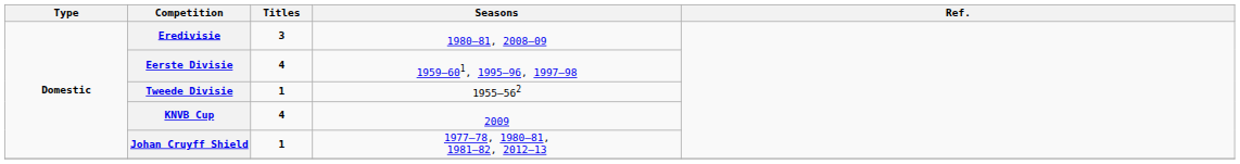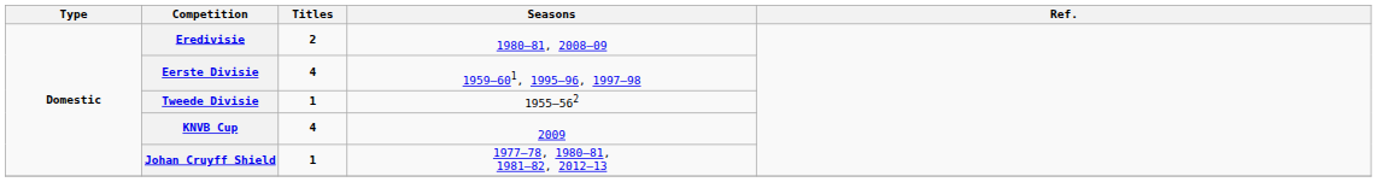 <table class="wikitable plainrowheaders" style="font-size:95%; text-align:center;">
 <tr>
 <th style="width: 10%;">Type</th>
 <th style="width: 10%;">Competition</th>
 <th style="width: 5%;">Titles</th>
 <th style="width: 30%;">Seasons</th>
 <th>Ref.</th>
 </tr>
 <tr>
 <td rowspan="5"><strong>Domestic</strong></td>
 <th scope=col><a href='#'>Eredivisie</a></th>
-<td><strong>3</strong></td>
+<td><strong>2</strong></td>
 <td><br><a href='#'>1980–81</a>,  <a href='#'>2008–09</a></td>
 <td rowspan="5"></td>
 </tr>
 <tr>
 <th scope=col><strong><a href='#'>Eerste Divisie</a></strong></th>
 <td><strong>4</strong></td>
 <td><br><a href='#'>1959–60</a><sup>1</sup>,  <a href='#'>1995–96</a>,  <a href='#'>1997–98</a></td>
 </tr>
 <tr>
 <th scope=col><a href='#'>Tweede Divisie</a></th>
 <td><strong>1</strong></td>
 <td>1955–56<sup>2</sup></td>
 </tr>
 <tr>
 <th scope=col><strong><a href='#'>KNVB Cup</a></strong></th>
 <td><strong>4</strong></td>
 <td><br><a href='#'>2009</a></td>
 </tr>
 <tr>
 <th scope=col><strong><a href='#'>Johan Cruyff Shield</a></strong></th>
 <td><strong>1</strong></td>
 <td><a href='#'>1977–78</a>, <a href='#'>1980–81</a>,<br><a href='#'>1981–82</a>,  <a href='#'>2012–13</a></td>
 </tr>
 <tr>
 </tr>
 </table>
